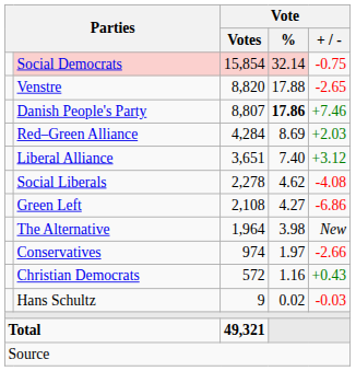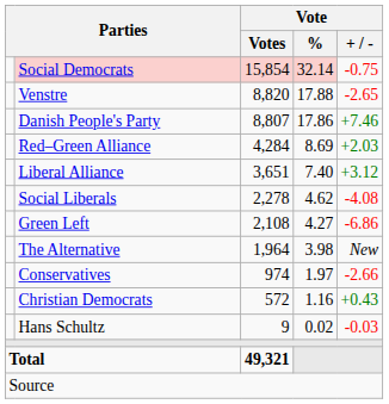 <table class="wikitable" style="text-align:right;">
 <tr>
 <th style="text-align:centre;" rowspan="2" colspan="2" width="225">Parties</th>
 <th colspan="3">Vote</th>
 </tr>
 <tr>
 <th width="15">Votes</th>
 <th width="15">%</th>
 <th width="15">+ / -</th>
 </tr>
 <tr>
 <td width="2" style="color:inherit;background:"></td>
 <td bgcolor=#fbd0ce  align="left"><a href='#'>Social Democrats</a></td>
 <td bgcolor=#fbd0ce>15,854</td>
 <td bgcolor=#fbd0ce>32.14</td>
 <td style=color:red;>-0.75</td>
 </tr>
 <tr>
 <td width="2" style="color:inherit;background:"></td>
 <td align="left"><a href='#'>Venstre</a></td>
 <td>8,820</td>
 <td>17.88</td>
 <td style=color:red;>-2.65</td>
 </tr>
 <tr>
 <td width="2" style="color:inherit;background:"></td>
 <td align="left"><a href='#'>Danish People's Party</a></td>
 <td>8,807</td>
-<td><strong>17.86</strong></td>
+<td>17.86</td>
 <td style=color:green;>+7.46</td>
 </tr>
 <tr>
 <td width="2" style="color:inherit;background:"></td>
 <td align="left"><a href='#'>Red–Green Alliance</a></td>
 <td>4,284</td>
 <td>8.69</td>
 <td style=color:green;>+2.03</td>
 </tr>
 <tr>
 <td width="2" style="color:inherit;background:"></td>
 <td align="left"><a href='#'>Liberal Alliance</a></td>
 <td>3,651</td>
 <td>7.40</td>
 <td style=color:green;>+3.12</td>
 </tr>
 <tr>
 <td width="2" style="color:inherit;background:"></td>
 <td align="left"><a href='#'>Social Liberals</a></td>
 <td>2,278</td>
 <td>4.62</td>
 <td style=color:red;>-4.08</td>
 </tr>
 <tr>
 <td width="2" style="color:inherit;background:"></td>
 <td align="left"><a href='#'>Green Left</a></td>
 <td>2,108</td>
 <td>4.27</td>
 <td style=color:red;>-6.86</td>
 </tr>
 <tr>
 <td width="2" style="color:inherit;background:"></td>
 <td align="left"><a href='#'>The Alternative</a></td>
 <td>1,964</td>
 <td>3.98</td>
 <td><em>New</em></td>
 </tr>
 <tr>
 <td width="2" style="color:inherit;background:"></td>
 <td align="left"><a href='#'>Conservatives</a></td>
 <td>974</td>
 <td>1.97</td>
 <td style=color:red;>-2.66</td>
 </tr>
 <tr>
 <td width="2" style="color:inherit;background:"></td>
 <td align="left"><a href='#'>Christian Democrats</a></td>
 <td>572</td>
 <td>1.16</td>
 <td style=color:green;>+0.43</td>
 </tr>
 <tr>
 <td width="2" style="color:inherit;background:"></td>
 <td align="left">Hans Schultz</td>
 <td>9</td>
 <td>0.02</td>
 <td style=color:red;>-0.03</td>
 </tr>
 <tr>
 <td colspan="7" bgcolor="#E9E9E9"></td>
 </tr>
 <tr>
 <td align="left" colspan="2"><strong>Total</strong></td>
 <td><strong>49,321</strong></td>
 <td bgcolor="#E9E9E9" colspan="2"></td>
 </tr>
 <tr>
 <td align="left" colspan="6">Source</td>
 </tr>
 </table>
